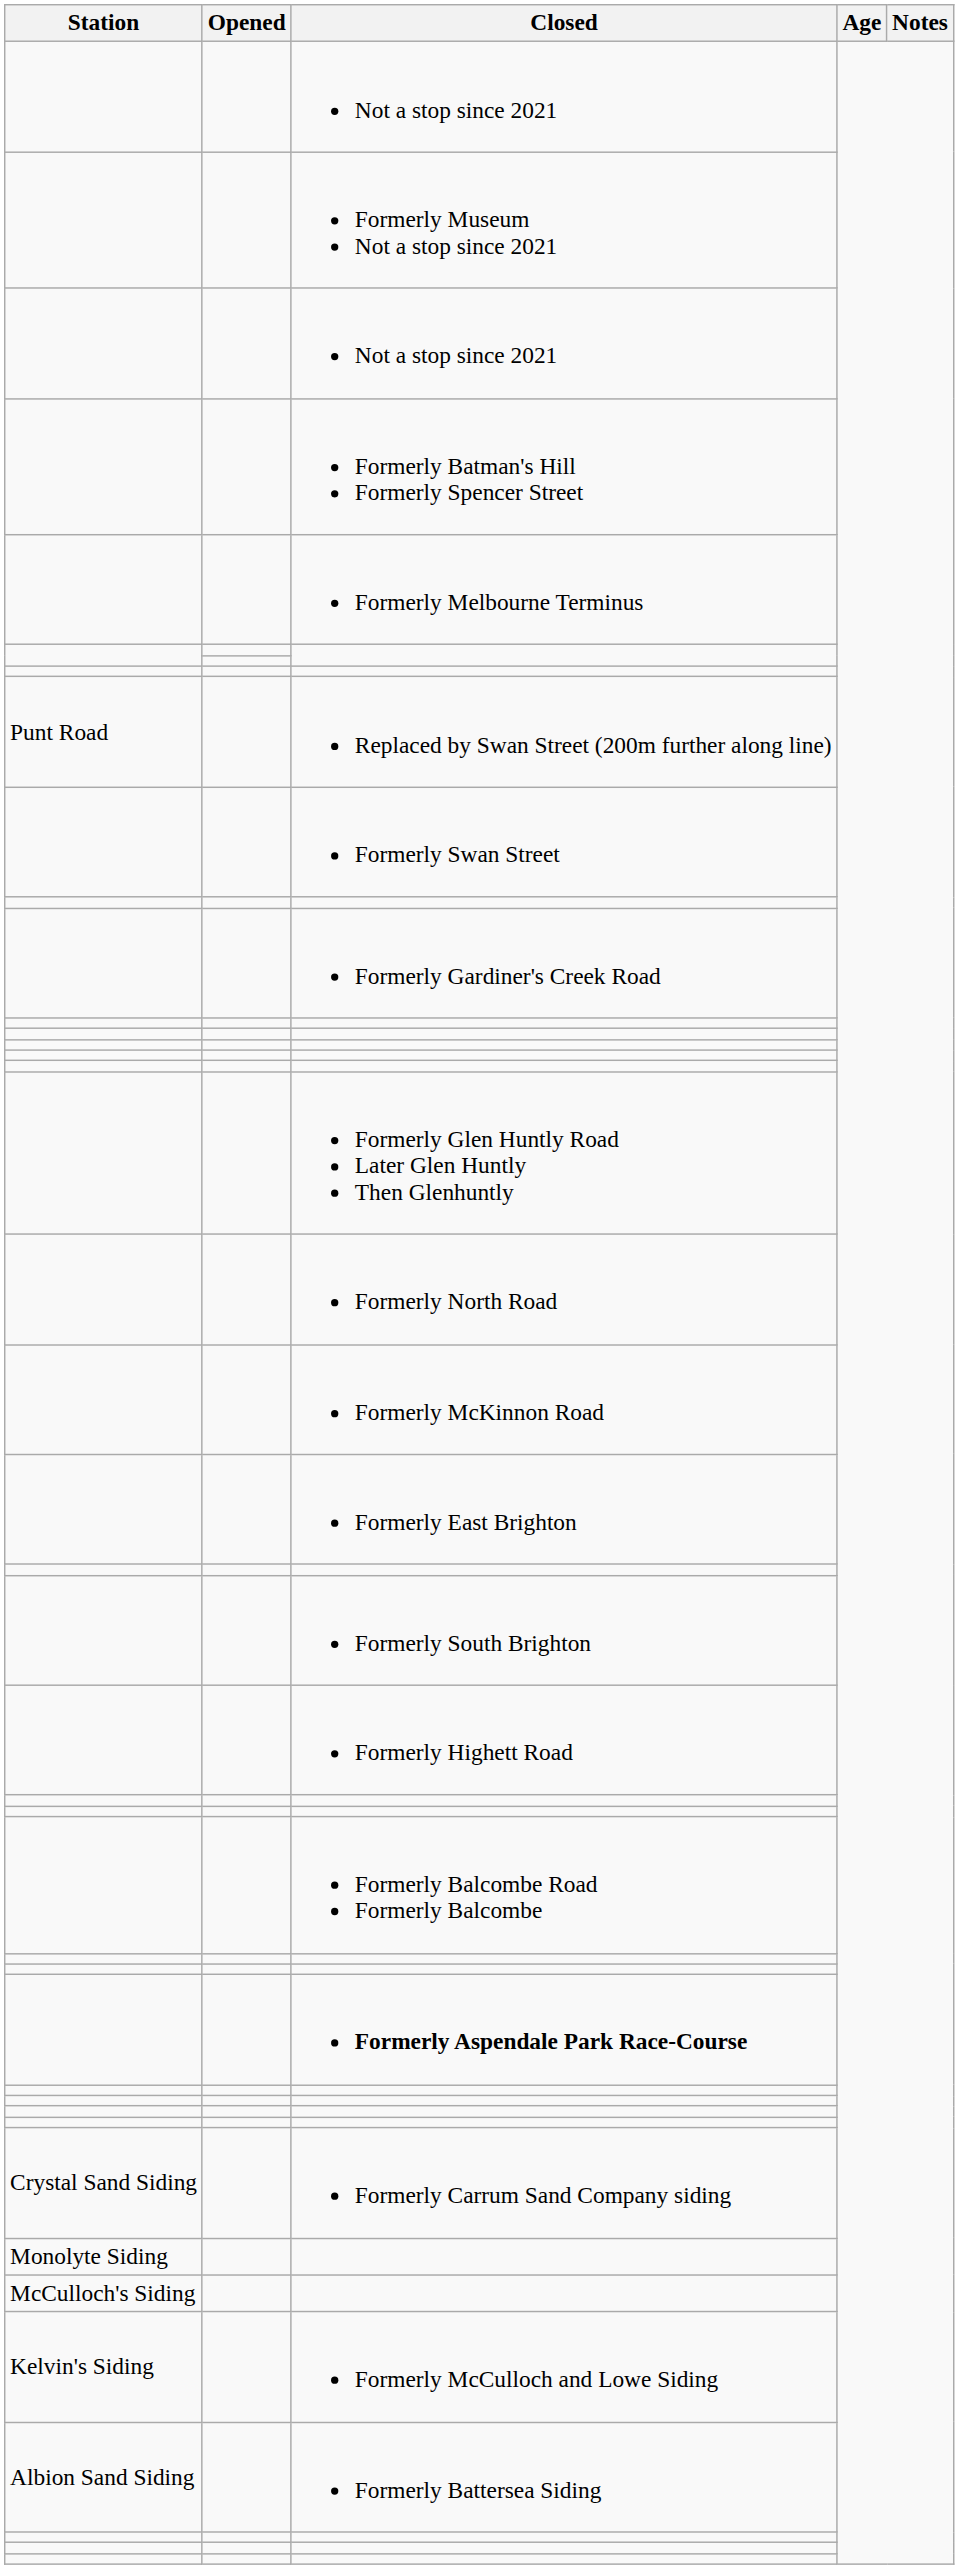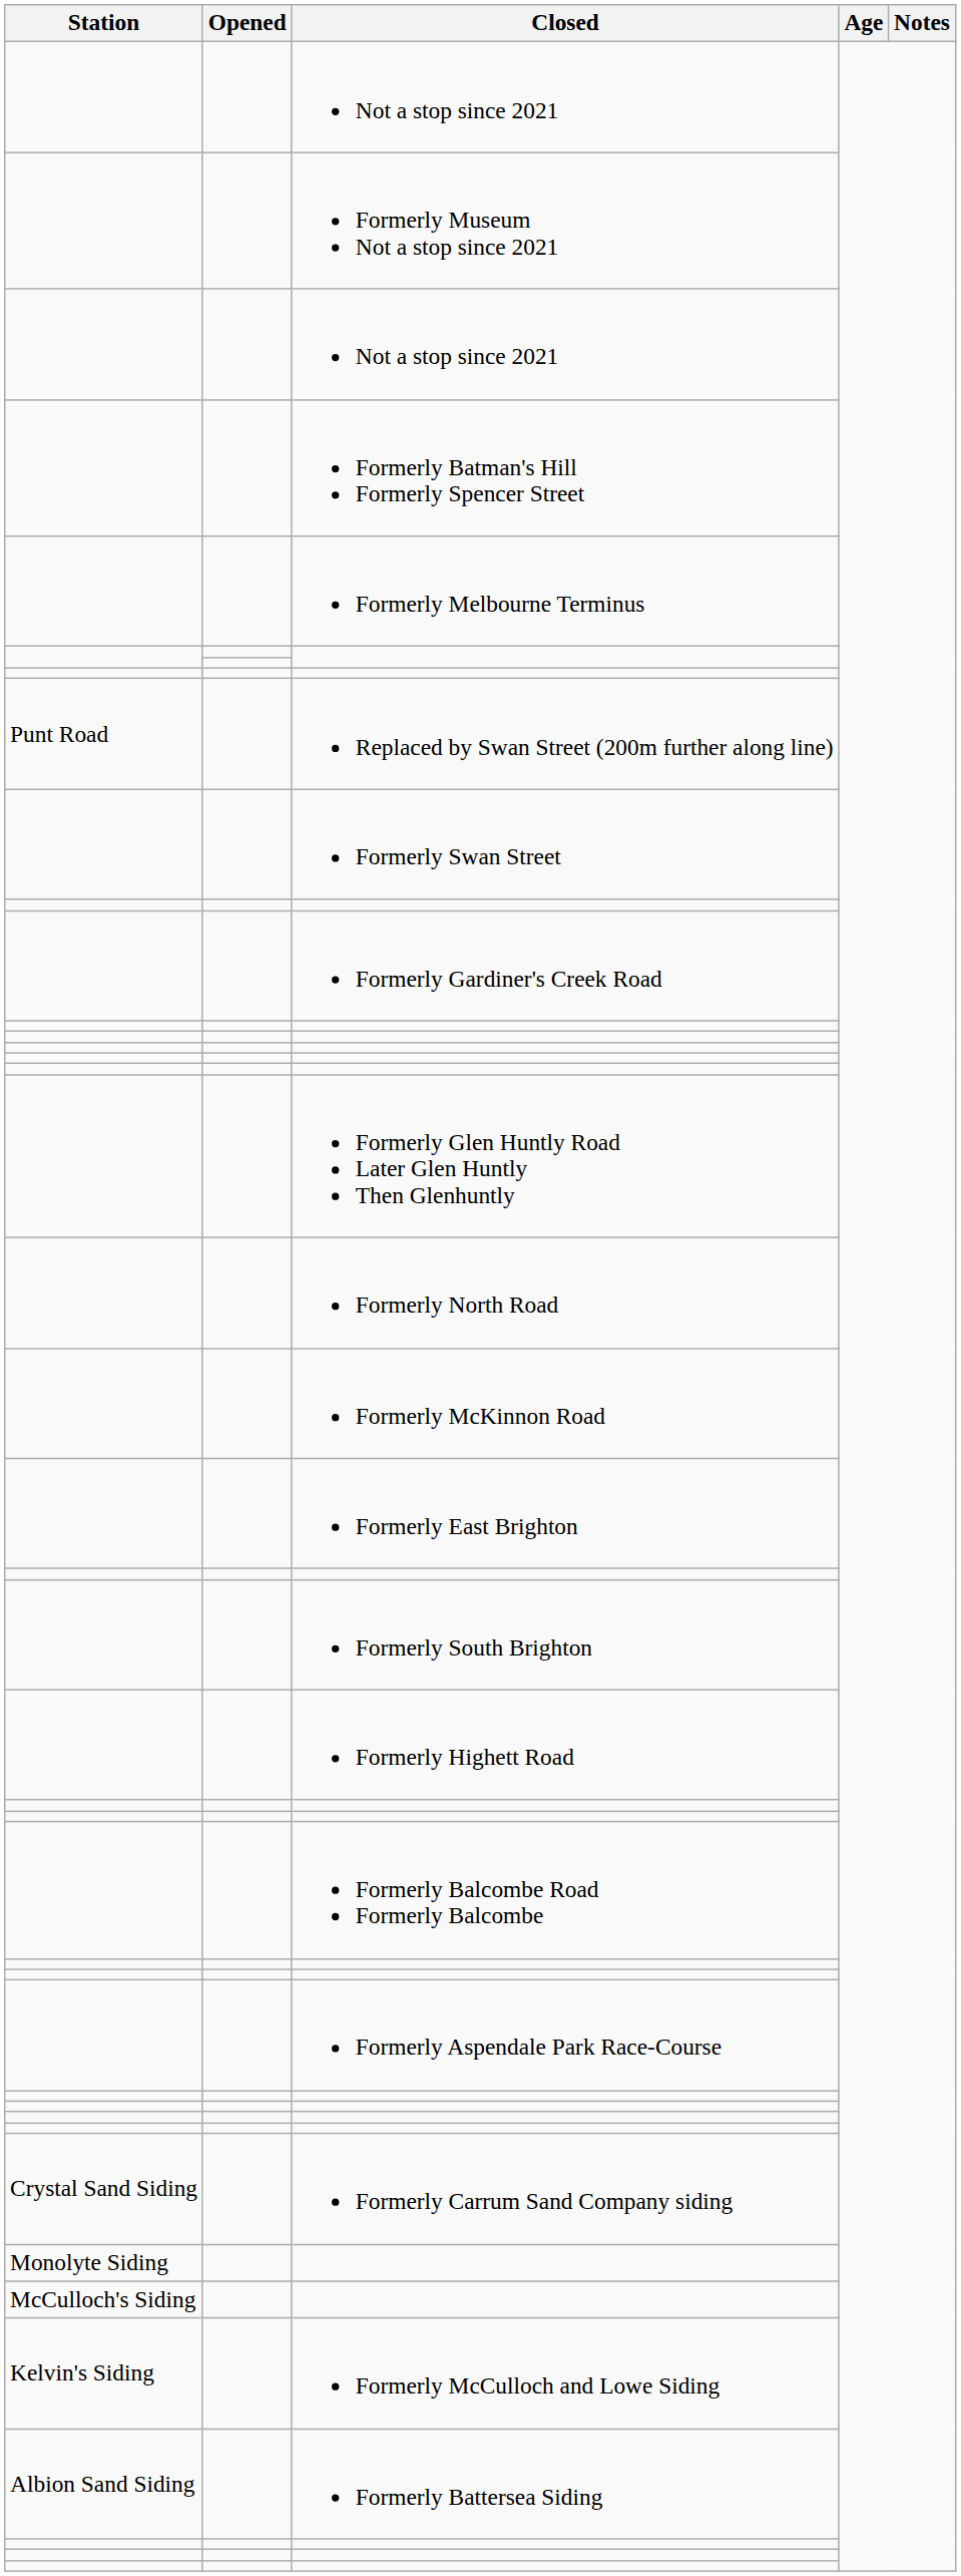 <table class="wikitable sortable mw-collapsible mw-collapsed">
 <tr>
 <th>Station</th>
 <th>Opened</th>
 <th>Closed</th>
 <th>Age</th>
 <th scope=col class=unsortable>Notes</th>
 </tr>
 <tr>
 <td></td>
 <td></td>
 <td><br><ul><li>Not a stop since 2021</li></ul></td>
 </tr>
 <tr>
 <td></td>
 <td></td>
 <td><br><ul><li>Formerly Museum</li><li>Not a stop since 2021</li></ul></td>
 </tr>
 <tr>
 <td></td>
 <td></td>
 <td><br><ul><li>Not a stop since 2021</li></ul></td>
 </tr>
 <tr>
 <td></td>
 <td></td>
 <td><br><ul><li>Formerly Batman's Hill</li><li>Formerly Spencer Street</li></ul></td>
 </tr>
 <tr>
 <td></td>
 <td></td>
 <td><br><ul><li>Formerly Melbourne Terminus</li></ul></td>
 </tr>
 <tr>
 <td rowspan="2"></td>
 <td></td>
 <td rowspan="2"></td>
 </tr>
 <tr>
 <td></td>
 </tr>
 <tr>
 <td></td>
 <td></td>
 <td></td>
 </tr>
 <tr>
 <td>Punt Road</td>
 <td></td>
 <td><br><ul><li>Replaced by Swan Street (200m further along line)</li></ul></td>
 </tr>
 <tr>
 <td></td>
 <td></td>
 <td><br><ul><li>Formerly Swan Street</li></ul></td>
 </tr>
 <tr>
 <td></td>
 <td></td>
 <td></td>
 </tr>
 <tr>
 <td></td>
 <td></td>
 <td><br><ul><li>Formerly Gardiner's Creek Road</li></ul></td>
 </tr>
 <tr>
 <td></td>
 <td></td>
 <td></td>
 </tr>
 <tr>
 <td></td>
 <td></td>
 <td></td>
 </tr>
 <tr>
 <td></td>
 <td></td>
 <td></td>
 </tr>
 <tr>
 <td></td>
 <td></td>
 <td></td>
 </tr>
 <tr>
 <td></td>
 <td></td>
 <td></td>
 </tr>
 <tr>
 <td></td>
 <td></td>
 <td><br><ul><li>Formerly Glen Huntly Road</li><li>Later Glen Huntly</li><li>Then Glenhuntly</li></ul></td>
 </tr>
 <tr>
 <td></td>
 <td></td>
 <td><br><ul><li>Formerly North Road</li></ul></td>
 </tr>
 <tr>
 <td></td>
 <td></td>
 <td><br><ul><li>Formerly McKinnon Road</li></ul></td>
 </tr>
 <tr>
 <td></td>
 <td></td>
 <td><br><ul><li>Formerly East Brighton</li></ul></td>
 </tr>
 <tr>
 <td></td>
 <td></td>
 <td></td>
 </tr>
 <tr>
 <td></td>
 <td></td>
 <td><br><ul><li>Formerly South Brighton</li></ul></td>
 </tr>
 <tr>
 <td></td>
 <td></td>
 <td><br><ul><li>Formerly Highett Road</li></ul></td>
 </tr>
 <tr>
 <td></td>
 <td></td>
 <td></td>
 </tr>
 <tr>
 <td></td>
 <td></td>
 <td></td>
 </tr>
 <tr>
 <td></td>
 <td></td>
 <td><br><ul><li>Formerly Balcombe Road</li><li>Formerly Balcombe</li></ul></td>
 </tr>
 <tr>
 <td></td>
 <td></td>
 <td></td>
 </tr>
 <tr>
 <td></td>
 <td></td>
 <td></td>
 </tr>
 <tr>
 <td></td>
 <td></td>
-<td><strong><br><ul><li>Formerly Aspendale Park Race-Course</li></ul></strong></td>
+<td><br><ul><li>Formerly Aspendale Park Race-Course</li></ul></td>
 </tr>
 <tr>
 <td></td>
 <td></td>
 <td></td>
 </tr>
 <tr>
 <td></td>
 <td></td>
 <td></td>
 </tr>
 <tr>
 <td></td>
 <td></td>
 <td></td>
 </tr>
 <tr>
 <td></td>
 <td></td>
 <td></td>
 </tr>
 <tr>
 <td>Crystal Sand Siding</td>
 <td></td>
 <td><br><ul><li>Formerly Carrum Sand Company siding</li></ul></td>
 </tr>
 <tr>
 <td>Monolyte Siding</td>
 <td></td>
 <td></td>
 </tr>
 <tr>
 <td>McCulloch's Siding</td>
 <td></td>
 <td></td>
 </tr>
 <tr>
 <td>Kelvin's Siding</td>
 <td></td>
 <td><br><ul><li>Formerly McCulloch and Lowe Siding</li></ul></td>
 </tr>
 <tr>
 <td>Albion Sand Siding</td>
 <td></td>
 <td><br><ul><li>Formerly Battersea Siding</li></ul></td>
 </tr>
 <tr>
 <td></td>
 <td></td>
 <td></td>
 </tr>
 <tr>
 <td></td>
 <td></td>
 <td></td>
 </tr>
 <tr>
 <td></td>
 <td></td>
 <td></td>
 </tr>
 </table>
